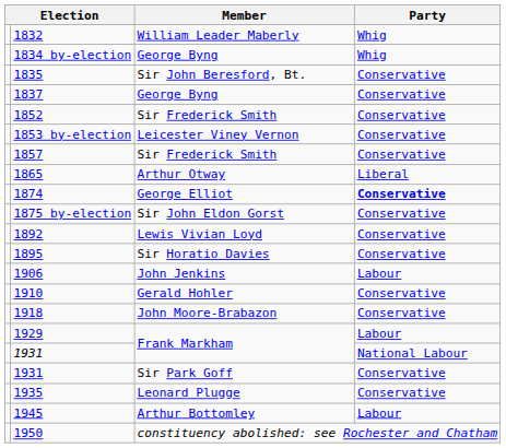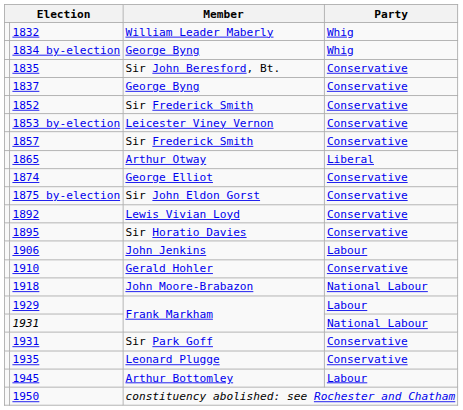 <table class="wikitable">
 <tr>
 <th colspan="2">Election</th>
 <th>Member</th>
 <th>Party</th>
 </tr>
 <tr>
 <td style="color:inherit;background-color: "></td>
 <td><a href='#'>1832</a></td>
 <td><a href='#'>William Leader Maberly</a></td>
 <td><a href='#'>Whig</a></td>
 </tr>
 <tr>
 <td style="color:inherit;background-color: "></td>
 <td><a href='#'>1834 by-election</a></td>
 <td><a href='#'>George Byng</a></td>
 <td><a href='#'>Whig</a></td>
 </tr>
 <tr>
 <td style="color:inherit;background-color: "></td>
 <td><a href='#'>1835</a></td>
 <td>Sir <a href='#'>John Beresford</a>, Bt.</td>
 <td><a href='#'>Conservative</a></td>
 </tr>
 <tr>
 <td style="color:inherit;background-color: "></td>
 <td><a href='#'>1837</a></td>
 <td><a href='#'>George Byng</a></td>
 <td><a href='#'>Conservative</a></td>
 </tr>
 <tr>
 <td style="color:inherit;background-color: "></td>
 <td><a href='#'>1852</a></td>
 <td>Sir <a href='#'>Frederick Smith</a></td>
 <td><a href='#'>Conservative</a></td>
 </tr>
 <tr>
 <td style="color:inherit;background-color: "></td>
 <td><a href='#'>1853 by-election</a></td>
 <td><a href='#'>Leicester Viney Vernon</a></td>
 <td><a href='#'>Conservative</a></td>
 </tr>
 <tr>
 <td style="color:inherit;background-color: "></td>
 <td><a href='#'>1857</a></td>
 <td>Sir <a href='#'>Frederick Smith</a></td>
 <td><a href='#'>Conservative</a></td>
 </tr>
 <tr>
 <td style="color:inherit;background-color: "></td>
 <td><a href='#'>1865</a></td>
 <td><a href='#'>Arthur Otway</a></td>
 <td><a href='#'>Liberal</a></td>
 </tr>
 <tr>
 <td style="color:inherit;background-color: "></td>
 <td><a href='#'>1874</a></td>
 <td><a href='#'>George Elliot</a></td>
-<td><strong><a href='#'>Conservative</a></strong></td>
+<td><a href='#'>Conservative</a></td>
 </tr>
 <tr>
 <td style="color:inherit;background-color: "></td>
 <td><a href='#'>1875 by-election</a></td>
 <td>Sir <a href='#'>John Eldon Gorst</a></td>
 <td><a href='#'>Conservative</a></td>
 </tr>
 <tr>
 <td style="color:inherit;background-color: "></td>
 <td><a href='#'>1892</a></td>
 <td><a href='#'>Lewis Vivian Loyd</a></td>
 <td><a href='#'>Conservative</a></td>
 </tr>
 <tr>
 <td style="color:inherit;background-color: "></td>
 <td><a href='#'>1895</a></td>
 <td>Sir <a href='#'>Horatio Davies</a></td>
 <td><a href='#'>Conservative</a></td>
 </tr>
 <tr>
 <td style="color:inherit;background-color: "></td>
 <td><a href='#'>1906</a></td>
 <td><a href='#'>John Jenkins</a></td>
 <td><a href='#'>Labour</a></td>
 </tr>
 <tr>
 <td style="color:inherit;background-color: "></td>
 <td><a href='#'>1910</a></td>
 <td><a href='#'>Gerald Hohler</a></td>
 <td><a href='#'>Conservative</a></td>
 </tr>
 <tr>
 <td style="color:inherit;background-color: "></td>
 <td><a href='#'>1918</a></td>
 <td><a href='#'>John Moore-Brabazon</a></td>
-<td><a href='#'>Conservative</a></td>
+<td><a href='#'>National Labour</a></td>
 </tr>
 <tr>
 <td style="color:inherit;background-color: "></td>
 <td><a href='#'>1929</a></td>
 <td rowspan="2"><a href='#'>Frank Markham</a></td>
 <td><a href='#'>Labour</a></td>
 </tr>
 <tr>
 <td style="color:inherit;background-color: "></td>
 <td><em>1931</em></td>
 <td><a href='#'>National Labour</a></td>
 </tr>
 <tr>
 <td style="color:inherit;background-color: "></td>
 <td><a href='#'>1931</a></td>
 <td>Sir <a href='#'>Park Goff</a></td>
 <td><a href='#'>Conservative</a></td>
 </tr>
 <tr>
 <td style="color:inherit;background-color: "></td>
 <td><a href='#'>1935</a></td>
 <td><a href='#'>Leonard Plugge</a></td>
 <td><a href='#'>Conservative</a></td>
 </tr>
 <tr>
 <td style="color:inherit;background-color: "></td>
 <td><a href='#'>1945</a></td>
 <td><a href='#'>Arthur Bottomley</a></td>
 <td><a href='#'>Labour</a></td>
 </tr>
 <tr>
 <td></td>
 <td><a href='#'>1950</a></td>
 <td colspan="2"><em>constituency abolished: see <a href='#'>Rochester and Chatham</a></em></td>
 </tr>
 </table>
